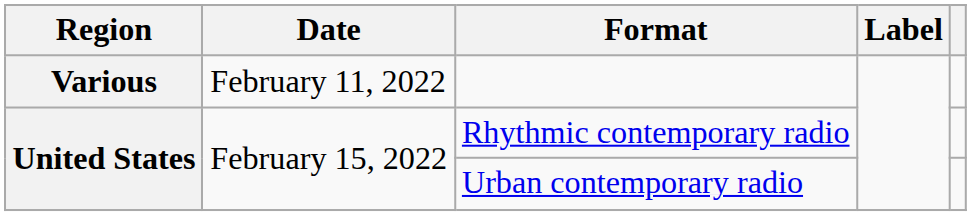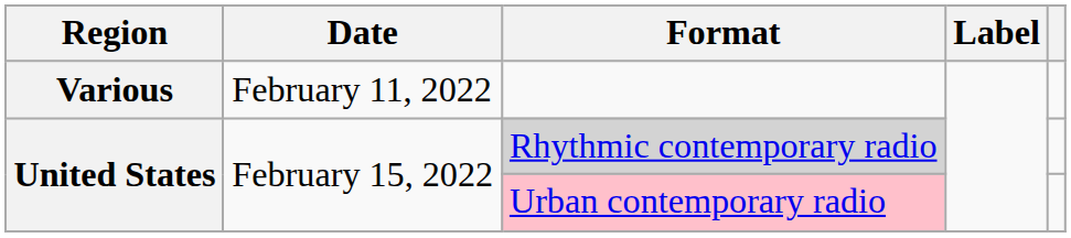 <table class="wikitable plainrowheaders">
 <tr>
 <th scope="col">Region</th>
 <th scope="col">Date</th>
 <th scope="col">Format</th>
 <th scope="col">Label</th>
 <th scope="col"></th>
 </tr>
 <tr>
 <th scope="row">Various</th>
 <td>February 11, 2022</td>
 <td></td>
 <td rowspan="3"></td>
 <td></td>
 </tr>
 <tr>
 <th scope="row" rowspan="2">United States</th>
 <td rowspan="2">February 15, 2022</td>
-<td><a href='#'>Rhythmic contemporary radio</a></td>
+<td style="background: lightgrey;"><a href='#'>Rhythmic contemporary radio</a></td>
 <td></td>
 </tr>
 <tr>
-<td><a href='#'>Urban contemporary radio</a></td>
+<td style="background: pink;"><a href='#'>Urban contemporary radio</a></td>
 <td></td>
 </tr>
 </table>
